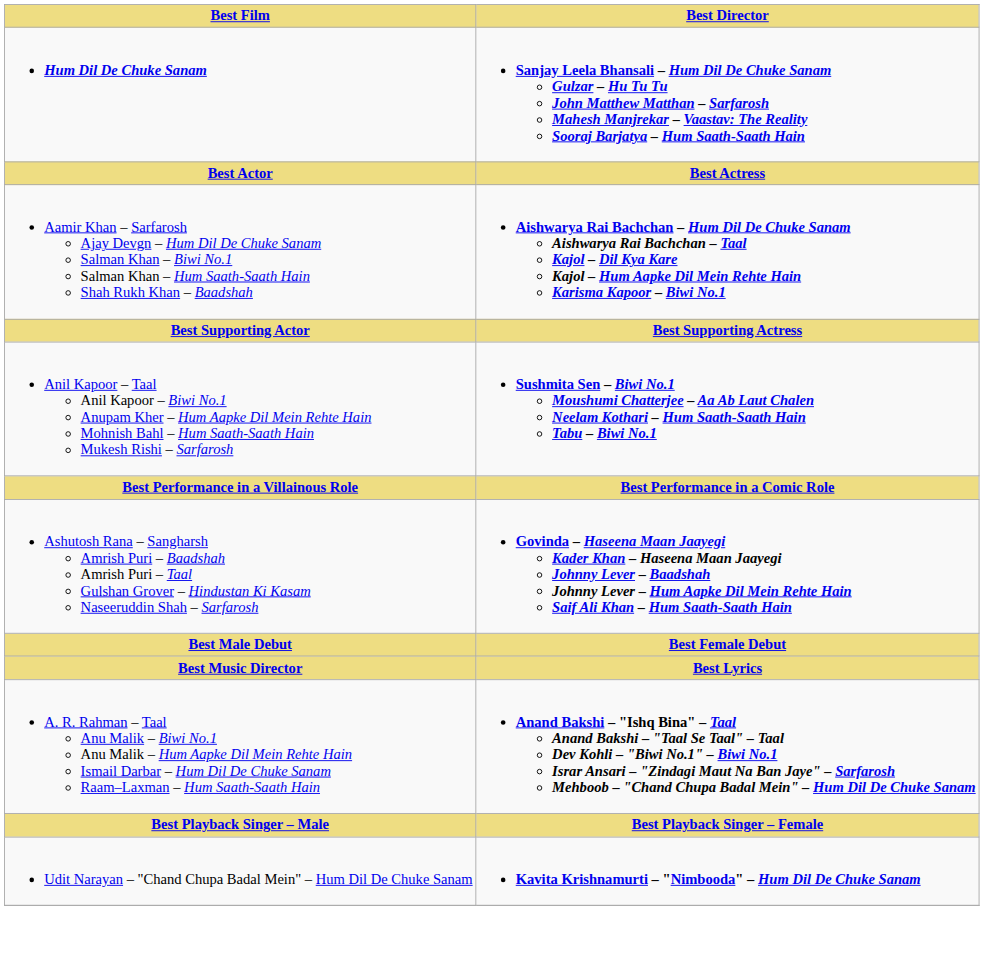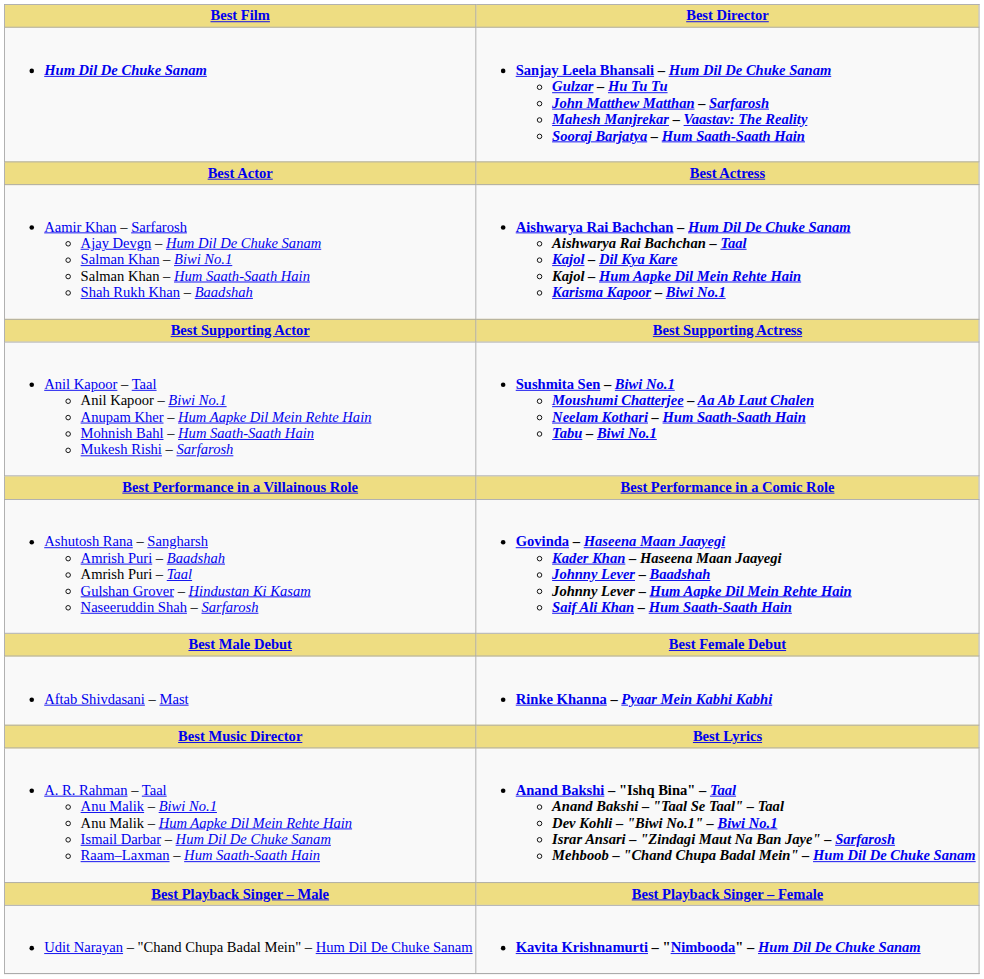 <table class="wikitable">
 <tr>
 <th ! style="background:#EEDD82;text-align:center;"><a href='#'>Best Film</a></th>
 <th ! style="background:#eedd82; text-align:center;"><a href='#'>Best Director</a></th>
 </tr>
 <tr>
 <td valign="top"><br><ul><li><strong><em><a href='#'>Hum Dil De Chuke Sanam</a></em></strong></li></ul></td>
 <td valign="top"><br><ul><li><strong><a href='#'>Sanjay Leela Bhansali</a> – <em><a href='#'>Hum Dil De Chuke Sanam</a><strong><em><ul><li><a href='#'>Gulzar</a> – </em><a href='#'>Hu Tu Tu</a><em></li><li><a href='#'>John Matthew Matthan</a> – </em><a href='#'>Sarfarosh</a><em></li><li><a href='#'>Mahesh Manjrekar</a> – </em><a href='#'>Vaastav: The Reality</a><em></li><li><a href='#'>Sooraj Barjatya</a> – </em><a href='#'>Hum Saath-Saath Hain</a><em></li></ul></li></ul></td>
 </tr>
 <tr>
 <th ! style="background:#eedd82; text-align:center;"><a href='#'>Best Actor</a></th>
 <th ! style="background:#eedd82; text-align:center;"><a href='#'>Best Actress</a></th>
 </tr>
 <tr>
 <td valign="top"><br><ul><li></strong><a href='#'>Aamir Khan</a> – </em><a href='#'>Sarfarosh</a></em></strong><ul><li><a href='#'>Ajay Devgn</a> – <em><a href='#'>Hum Dil De Chuke Sanam</a></em></li><li><a href='#'>Salman Khan</a> – <em><a href='#'>Biwi No.1</a></em></li><li>Salman Khan – <em><a href='#'>Hum Saath-Saath Hain</a></em></li><li><a href='#'>Shah Rukh Khan</a> – <em><a href='#'>Baadshah</a></em></li></ul></li></ul></td>
 <td valign="top"><br><ul><li><strong><a href='#'>Aishwarya Rai Bachchan</a> – <em><a href='#'>Hum Dil De Chuke Sanam</a><strong><em><ul><li>Aishwarya Rai Bachchan – </em><a href='#'>Taal</a><em></li><li><a href='#'>Kajol</a> – </em><a href='#'>Dil Kya Kare</a><em></li><li>Kajol – </em><a href='#'>Hum Aapke Dil Mein Rehte Hain</a><em></li><li><a href='#'>Karisma Kapoor</a> – </em><a href='#'>Biwi No.1</a><em></li></ul></li></ul></td>
 </tr>
 <tr>
 <th ! style="background:#eedd82; text-align:center;"><a href='#'>Best Supporting Actor</a></th>
 <th ! style="background:#eedd82; text-align:center;"><a href='#'>Best Supporting Actress</a></th>
 </tr>
 <tr>
 <td valign="top"><br><ul><li></strong><a href='#'>Anil Kapoor</a> – </em><a href='#'>Taal</a></em></strong><ul><li>Anil Kapoor – <em><a href='#'>Biwi No.1</a></em></li><li><a href='#'>Anupam Kher</a> – <em><a href='#'>Hum Aapke Dil Mein Rehte Hain</a></em></li><li><a href='#'>Mohnish Bahl</a> – <em><a href='#'>Hum Saath-Saath Hain</a></em></li><li><a href='#'>Mukesh Rishi</a> – <em><a href='#'>Sarfarosh</a></em></li></ul></li></ul></td>
 <td valign="top"><br><ul><li><strong><a href='#'>Sushmita Sen</a> – <em><a href='#'>Biwi No.1</a><strong><em><ul><li><a href='#'>Moushumi Chatterjee</a> – </em><a href='#'>Aa Ab Laut Chalen</a><em></li><li><a href='#'>Neelam Kothari</a> – </em><a href='#'>Hum Saath-Saath Hain</a><em></li><li><a href='#'>Tabu</a> – </em><a href='#'>Biwi No.1</a><em></li></ul></li></ul></td>
 </tr>
 <tr>
 <th ! style="background:#eedd82; text-align:center;"><a href='#'>Best Performance in a Villainous Role</a></th>
 <th ! style="background:#eedd82; text-align:center;"><a href='#'>Best Performance in a Comic Role</a></th>
 </tr>
 <tr>
 <td valign="top"><br><ul><li></strong><a href='#'>Ashutosh Rana</a> – </em><a href='#'>Sangharsh</a></em></strong><ul><li><a href='#'>Amrish Puri</a> – <em><a href='#'>Baadshah</a></em></li><li>Amrish Puri – <em><a href='#'>Taal</a></em></li><li><a href='#'>Gulshan Grover</a> – <em><a href='#'>Hindustan Ki Kasam</a></em></li><li><a href='#'>Naseeruddin Shah</a> – <em><a href='#'>Sarfarosh</a></em></li></ul></li></ul></td>
 <td valign="top"><br><ul><li><strong><a href='#'>Govinda</a> – <em><a href='#'>Haseena Maan Jaayegi</a><strong><em><ul><li><a href='#'>Kader Khan</a> – </em>Haseena Maan Jaayegi<em></li><li><a href='#'>Johnny Lever</a> – </em><a href='#'>Baadshah</a><em></li><li>Johnny Lever – </em><a href='#'>Hum Aapke Dil Mein Rehte Hain</a><em></li><li><a href='#'>Saif Ali Khan</a> – </em><a href='#'>Hum Saath-Saath Hain</a><em></li></ul></li></ul></td>
 </tr>
 <tr>
 <th ! style="background:#eedd82; text-align:center;"><a href='#'>Best Male Debut</a></th>
 <th ! style="background:#eedd82; text-align:center;"><a href='#'>Best Female Debut</a></th>
 </tr>
 <tr>
+<td valign="top"><br><ul><li></strong><a href='#'>Aftab Shivdasani</a> – </em><a href='#'>Mast</a></em></strong></li></ul></td>
+<td valign="top"><br><ul><li><strong><a href='#'>Rinke Khanna</a> – <em><a href='#'>Pyaar Mein Kabhi Kabhi</a><strong><em></li></ul></td>
+</tr>
+<tr>
 <th ! style="background:#eedd82; text-align:center;"><a href='#'>Best Music Director</a></th>
 <th ! style="background:#eedd82; text-align:center;"><a href='#'>Best Lyrics</a></th>
 </tr>
 <tr>
 <td valign="top"><br><ul><li></strong><a href='#'>A. R. Rahman</a> – </em><a href='#'>Taal</a></em></strong><ul><li><a href='#'>Anu Malik</a> – <em><a href='#'>Biwi No.1</a></em></li><li>Anu Malik – <em><a href='#'>Hum Aapke Dil Mein Rehte Hain</a></em></li><li><a href='#'>Ismail Darbar</a> – <em><a href='#'>Hum Dil De Chuke Sanam</a></em></li><li><a href='#'>Raam–Laxman</a> – <em><a href='#'>Hum Saath-Saath Hain</a></em></li></ul></li></ul></td>
 <td valign="top"><br><ul><li><strong><a href='#'>Anand Bakshi</a> – "Ishq Bina" – <em><a href='#'>Taal</a><strong><em><ul><li>Anand Bakshi – "Taal Se Taal" – </em>Taal<em></li><li>Dev Kohli – "Biwi No.1" – </em><a href='#'>Biwi No.1</a><em></li><li>Israr Ansari – "Zindagi Maut Na Ban Jaye" – </em><a href='#'>Sarfarosh</a><em></li><li>Mehboob – "Chand Chupa Badal Mein" – </em><a href='#'>Hum Dil De Chuke Sanam</a><em></li></ul></li></ul></td>
 </tr>
 <tr>
 <th ! style="background:#eedd82; text-align:center;"><a href='#'>Best Playback Singer – Male</a></th>
 <th ! style="background:#eedd82; text-align:center;"><a href='#'>Best Playback Singer – Female</a></th>
 </tr>
 <tr>
 <td valign="top"><br><ul><li></strong><a href='#'>Udit Narayan</a> – "Chand Chupa Badal Mein" – </em><a href='#'>Hum Dil De Chuke Sanam</a></em></strong></li></ul></td>
 <td valign="top"><br><ul><li><strong><a href='#'>Kavita Krishnamurti</a> – "<a href='#'>Nimbooda</a>" – <em><a href='#'>Hum Dil De Chuke Sanam</a><strong><em></li></ul></td>
 </tr>
 <tr>
 </tr>
 </table>
